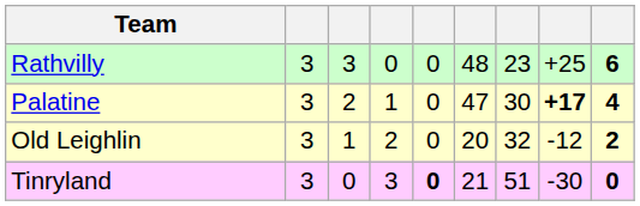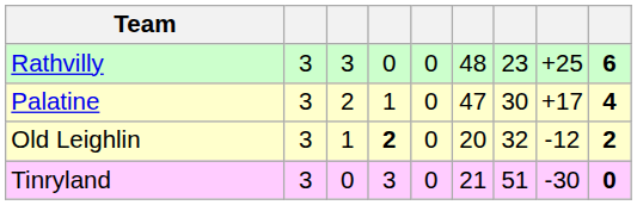 <table class="wikitable" style="text-align:center">
 <tr>
 <th style="width:175px;">Team</th>
 <th width="20"></th>
 <th width="20"></th>
 <th width="20"></th>
 <th width="20"></th>
 <th width="20"></th>
 <th width="20"></th>
 <th width="20"></th>
 <th width="20"></th>
 </tr>
 <tr style="background:#cfc;">
 <td style="text-align:left;"> <a href='#'>Rathvilly</a></td>
 <td>3</td>
 <td>3</td>
 <td>0</td>
 <td>0</td>
 <td>48</td>
 <td>23</td>
 <td>+25</td>
 <td><strong>6</strong></td>
 </tr>
 <tr style="background:#ffc;">
 <td style="text-align:left;"> <a href='#'>Palatine</a></td>
 <td>3</td>
 <td>2</td>
 <td>1</td>
 <td>0</td>
 <td>47</td>
 <td>30</td>
-<td><strong>+17</strong></td>
+<td>+17</td>
 <td><strong>4</strong></td>
 </tr>
 <tr style="background:#ffc;">
 <td style="text-align:left;"> Old Leighlin</td>
 <td>3</td>
 <td>1</td>
-<td>2</td>
+<td><strong>2</strong></td>
 <td>0</td>
 <td>20</td>
 <td>32</td>
 <td>-12</td>
 <td><strong>2</strong></td>
 </tr>
 <tr style="background:#fcf;">
 <td style="text-align:left;"> Tinryland</td>
 <td>3</td>
 <td>0</td>
 <td>3</td>
-<td><strong>0</strong></td>
+<td>0</td>
 <td>21</td>
 <td>51</td>
 <td>-30</td>
 <td><strong>0</strong></td>
 </tr>
 </table>
